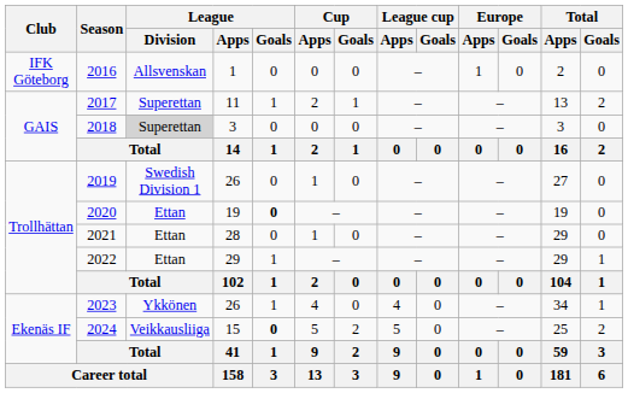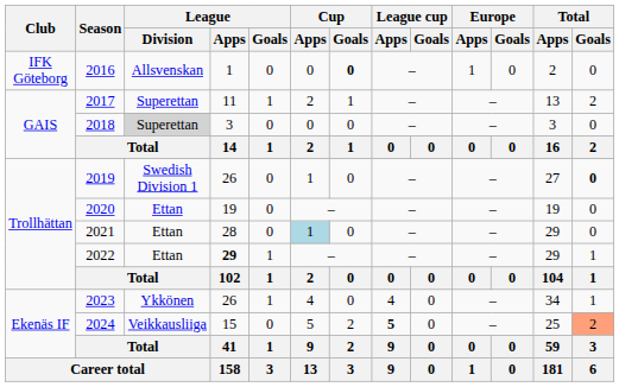 <table class="wikitable" style="text-align:center">
 <tr>
 <th rowspan="2">Club</th>
 <th rowspan="2">Season</th>
 <th colspan="3">League</th>
 <th colspan="2">Cup</th>
 <th colspan="2">League cup</th>
 <th colspan="2">Europe</th>
 <th colspan="2">Total</th>
 </tr>
 <tr>
 <th>Division</th>
 <th>Apps</th>
 <th>Goals</th>
 <th>Apps</th>
 <th>Goals</th>
 <th>Apps</th>
 <th>Goals</th>
 <th>Apps</th>
 <th>Goals</th>
 <th>Apps</th>
 <th>Goals</th>
 </tr>
 <tr>
 <td><a href='#'>IFK Göteborg</a></td>
 <td><a href='#'>2016</a></td>
 <td><a href='#'>Allsvenskan</a></td>
 <td>1</td>
 <td>0</td>
 <td>0</td>
-<td>0</td>
+<td><strong>0</strong></td>
 <td colspan=2>–</td>
 <td>1</td>
 <td>0</td>
 <td>2</td>
 <td>0</td>
 </tr>
 <tr>
 <td rowspan=3><a href='#'>GAIS</a></td>
 <td><a href='#'>2017</a></td>
 <td><a href='#'>Superettan</a></td>
 <td>11</td>
 <td>1</td>
 <td>2</td>
 <td>1</td>
 <td colspan=2>–</td>
 <td colspan=2>–</td>
 <td>13</td>
 <td>2</td>
 </tr>
 <tr>
 <td><a href='#'>2018</a></td>
 <td style="background: lightgrey;">Superettan</td>
 <td>3</td>
 <td>0</td>
 <td>0</td>
 <td>0</td>
 <td colspan=2>–</td>
 <td colspan=2>–</td>
 <td>3</td>
 <td>0</td>
 </tr>
 <tr>
 <th colspan=2>Total</th>
 <th>14</th>
 <th>1</th>
 <th>2</th>
 <th>1</th>
 <th>0</th>
 <th>0</th>
 <th>0</th>
 <th>0</th>
 <th>16</th>
 <th>2</th>
 </tr>
 <tr>
 <td rowspan=5><a href='#'>Trollhättan</a></td>
 <td><a href='#'>2019</a></td>
 <td><a href='#'>Swedish Division 1</a></td>
 <td>26</td>
 <td>0</td>
 <td>1</td>
 <td>0</td>
 <td colspan=2>–</td>
 <td colspan=2>–</td>
 <td>27</td>
-<td>0</td>
+<td><strong>0</strong></td>
 </tr>
 <tr>
 <td><a href='#'>2020</a></td>
 <td><a href='#'>Ettan</a></td>
 <td>19</td>
-<td><strong>0</strong></td>
+<td>0</td>
 <td colspan=2>–</td>
 <td colspan=2>–</td>
 <td colspan=2>–</td>
 <td>19</td>
 <td>0</td>
 </tr>
 <tr>
 <td>2021</td>
 <td>Ettan</td>
 <td>28</td>
 <td>0</td>
-<td>1</td>
+<td style="background: lightblue;">1</td>
 <td>0</td>
 <td colspan=2>–</td>
 <td colspan=2>–</td>
 <td>29</td>
 <td>0</td>
 </tr>
 <tr>
 <td>2022</td>
 <td>Ettan</td>
-<td>29</td>
+<td><strong>29</strong></td>
 <td>1</td>
 <td colspan=2>–</td>
 <td colspan=2>–</td>
 <td colspan=2>–</td>
 <td>29</td>
 <td>1</td>
 </tr>
 <tr>
 <th colspan=2>Total</th>
 <th>102</th>
 <th>1</th>
 <th>2</th>
 <th>0</th>
 <th>0</th>
 <th>0</th>
 <th>0</th>
 <th>0</th>
 <th>104</th>
 <th>1</th>
 </tr>
 <tr>
 <td rowspan=3><a href='#'>Ekenäs IF</a></td>
 <td><a href='#'>2023</a></td>
 <td><a href='#'>Ykkönen</a></td>
 <td>26</td>
 <td>1</td>
 <td>4</td>
 <td>0</td>
 <td>4</td>
 <td>0</td>
 <td colspan=2>–</td>
 <td>34</td>
 <td>1</td>
 </tr>
 <tr>
 <td><a href='#'>2024</a></td>
 <td><a href='#'>Veikkausliiga</a></td>
 <td>15</td>
-<td><strong>0</strong></td>
+<td>0</td>
 <td>5</td>
 <td>2</td>
-<td>5</td>
+<td><strong>5</strong></td>
 <td>0</td>
 <td colspan=2>–</td>
 <td>25</td>
-<td>2</td>
+<td style="background: lightsalmon;">2</td>
 </tr>
 <tr>
 <th colspan=2>Total</th>
 <th>41</th>
 <th>1</th>
 <th>9</th>
 <th>2</th>
 <th>9</th>
 <th>0</th>
 <th>0</th>
 <th>0</th>
 <th>59</th>
 <th>3</th>
 </tr>
 <tr>
 <th colspan="3">Career total</th>
 <th>158</th>
 <th>3</th>
 <th>13</th>
 <th>3</th>
 <th>9</th>
 <th>0</th>
 <th>1</th>
 <th>0</th>
 <th>181</th>
 <th>6</th>
 </tr>
 </table>
